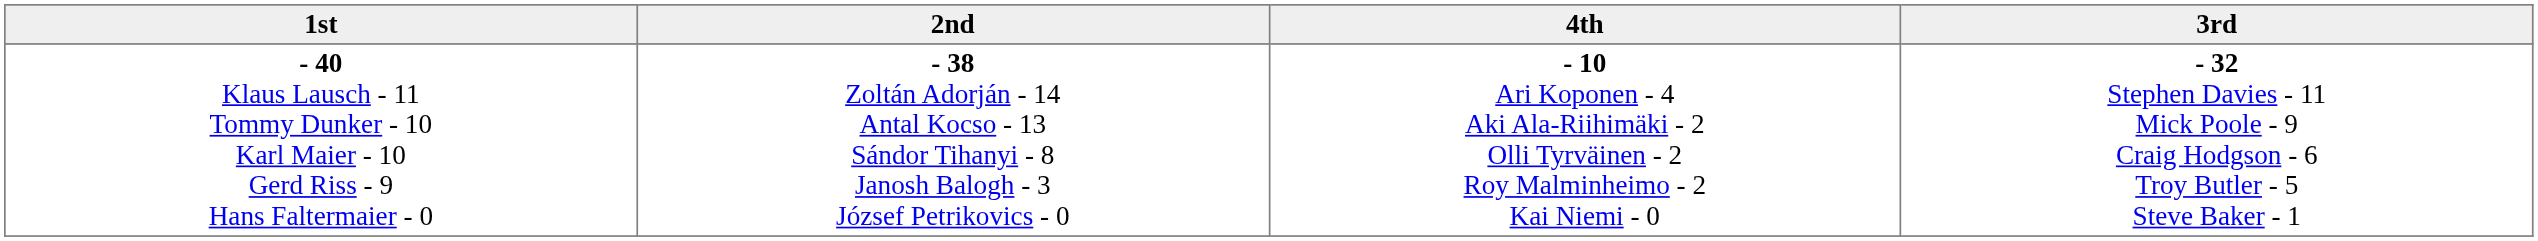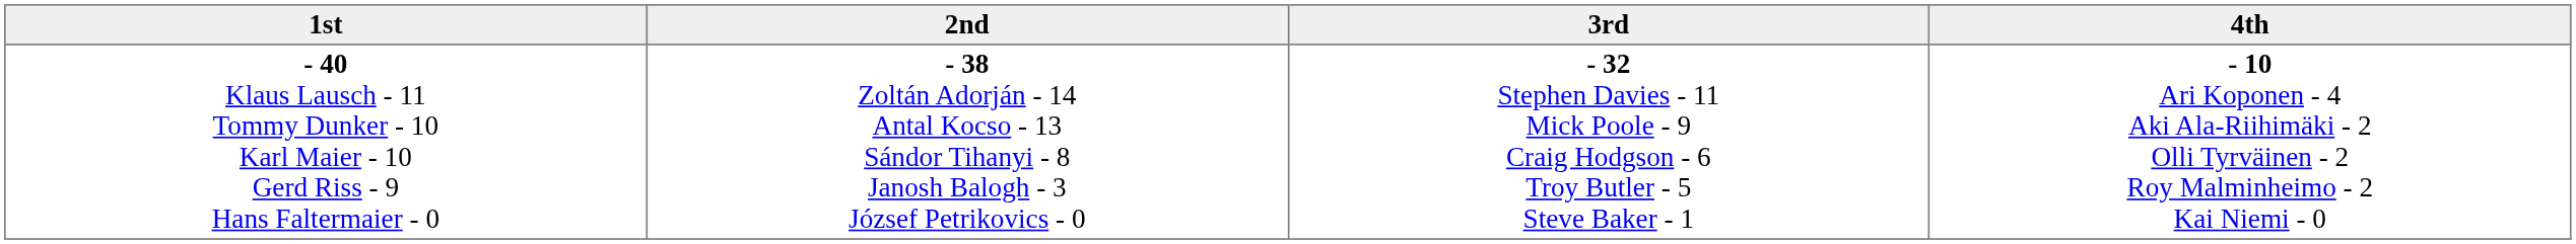 <table border=1 cellpadding=2 cellspacing=0 width=75% style="border-collapse:collapse">
 <tr align=center style="background:#efefef;">
 <th width=20% >1st</th>
 <th width=20% >2nd</th>
+<th width=20% >3rd</th>
 <th width=20%>4th</th>
-<th width=20% >3rd</th>
 </tr>
 <tr align=center>
 <td valign=top ><strong> - 40</strong><br><a href='#'>Klaus Lausch</a> - 11<br><a href='#'>Tommy Dunker</a> - 10<br><a href='#'>Karl Maier</a> - 10<br><a href='#'>Gerd Riss</a> - 9<br><a href='#'>Hans Faltermaier</a> - 0</td>
 <td valign=top ><strong> - 38</strong><br><a href='#'>Zoltán Adorján</a> - 14<br><a href='#'>Antal Kocso</a> - 13<br><a href='#'>Sándor Tihanyi</a> - 8<br><a href='#'>Janosh Balogh</a> - 3<br><a href='#'>József Petrikovics</a> - 0</td>
+<td valign=top ><strong> - 32</strong><br><a href='#'>Stephen Davies</a> - 11<br><a href='#'>Mick Poole</a> - 9<br><a href='#'>Craig Hodgson</a> - 6<br><a href='#'>Troy Butler</a> - 5<br><a href='#'>Steve Baker</a> - 1</td>
 <td valign=top><strong> - 10</strong><br><a href='#'>Ari Koponen</a> - 4<br><a href='#'>Aki Ala-Riihimäki</a> - 2<br><a href='#'>Olli Tyrväinen</a> - 2<br><a href='#'>Roy Malminheimo</a> - 2<br><a href='#'>Kai Niemi</a> - 0</td>
-<td valign=top ><strong> - 32</strong><br><a href='#'>Stephen Davies</a> - 11<br><a href='#'>Mick Poole</a> - 9<br><a href='#'>Craig Hodgson</a> - 6<br><a href='#'>Troy Butler</a> - 5<br><a href='#'>Steve Baker</a> - 1</td>
 </tr>
 </table>
